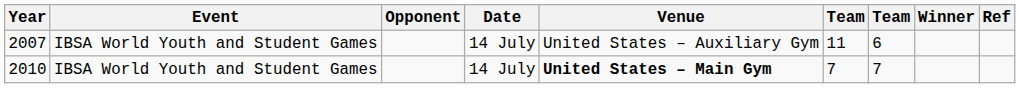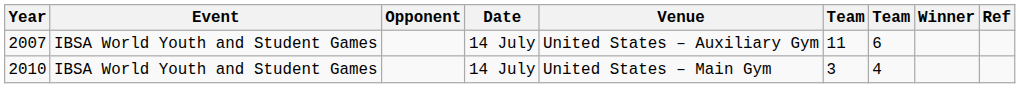 <table class="wikitable">
 <tr>
 <th>Year</th>
 <th>Event</th>
 <th>Opponent</th>
 <th>Date</th>
 <th>Venue</th>
 <th>Team</th>
 <th>Team</th>
 <th>Winner</th>
 <th>Ref</th>
 </tr>
 <tr --->
 <td>2007</td>
 <td>IBSA World Youth and Student Games</td>
 <td></td>
 <td>14 July</td>
 <td>United States – Auxiliary Gym</td>
 <td>11</td>
 <td>6</td>
 <td></td>
 <td></td>
 </tr>
 <tr --->
 <td>2010</td>
 <td>IBSA World Youth and Student Games</td>
 <td></td>
 <td>14 July</td>
-<td><strong>United States – Main Gym</strong></td>
-<td>7</td>
-<td>7</td>
+<td>United States – Main Gym</td>
+<td>3</td>
+<td>4</td>
 <td></td>
 <td></td>
 </tr>
 </table>
